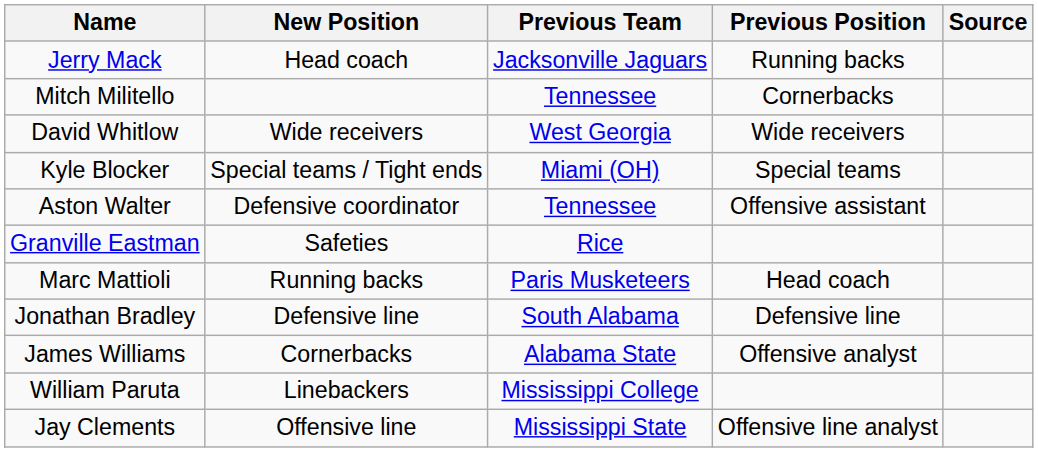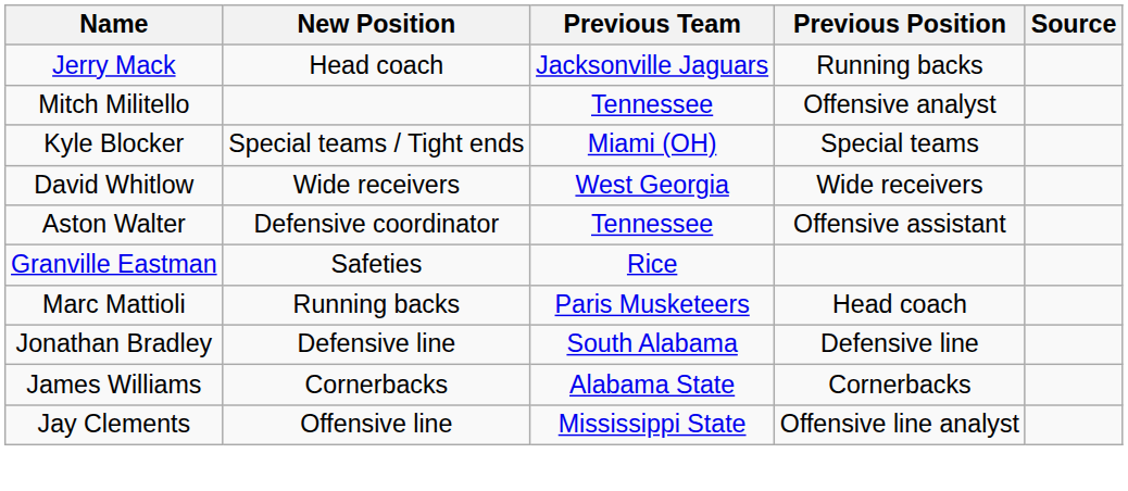 <table class="wikitable">
 <tr>
 <th style="text-align:center; ">Name</th>
 <th style="text-align:center; ">New Position</th>
 <th style="text-align:center; ">Previous Team</th>
 <th style="text-align:center; ">Previous Position</th>
 <th style="text-align:center; ">Source</th>
 </tr>
 <tr align="center">
 <td><a href='#'>Jerry Mack</a></td>
 <td>Head coach</td>
 <td><a href='#'>Jacksonville Jaguars</a></td>
 <td>Running backs</td>
 <td></td>
 </tr>
 <tr align="center">
 <td>Mitch Militello</td>
 <td></td>
 <td><a href='#'>Tennessee</a></td>
-<td>Cornerbacks</td>
+<td>Offensive analyst</td>
+<td></td>
+</tr>
+<tr align="center">
+<td>Kyle Blocker</td>
+<td>Special teams / Tight ends</td>
+<td><a href='#'>Miami (OH)</a></td>
+<td>Special teams</td>
 <td></td>
 </tr>
 <tr align="center">
 <td>David Whitlow</td>
 <td>Wide receivers</td>
 <td><a href='#'>West Georgia</a></td>
 <td>Wide receivers</td>
-<td></td>
-</tr>
-<tr align="center">
-<td>Kyle Blocker</td>
-<td>Special teams / Tight ends</td>
-<td><a href='#'>Miami (OH)</a></td>
-<td>Special teams</td>
 <td></td>
 </tr>
 <tr align="center">
 <td>Aston Walter</td>
 <td>Defensive coordinator</td>
 <td><a href='#'>Tennessee</a></td>
 <td>Offensive assistant</td>
 <td></td>
 </tr>
 <tr align="center">
 <td><a href='#'>Granville Eastman</a></td>
 <td>Safeties</td>
 <td><a href='#'>Rice</a></td>
 <td></td>
 <td></td>
 </tr>
 <tr align="center">
 <td>Marc Mattioli</td>
 <td>Running backs</td>
 <td><a href='#'>Paris Musketeers</a></td>
 <td>Head coach</td>
 <td></td>
 </tr>
 <tr align="center">
 <td>Jonathan Bradley</td>
 <td>Defensive line</td>
 <td><a href='#'>South Alabama</a></td>
 <td>Defensive line</td>
 <td></td>
 </tr>
 <tr align="center">
 <td>James Williams</td>
 <td>Cornerbacks</td>
 <td><a href='#'>Alabama State</a></td>
-<td>Offensive analyst</td>
-<td></td>
-</tr>
-<tr align="center">
-<td>William Paruta</td>
-<td>Linebackers</td>
-<td><a href='#'>Mississippi College</a></td>
-<td></td>
+<td>Cornerbacks</td>
 <td></td>
 </tr>
 <tr align="center">
 <td>Jay Clements</td>
 <td>Offensive line</td>
 <td><a href='#'>Mississippi State</a></td>
 <td>Offensive line analyst</td>
 <td></td>
 </tr>
 </table>
